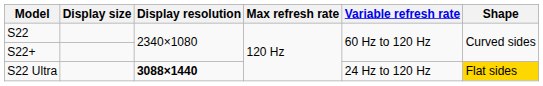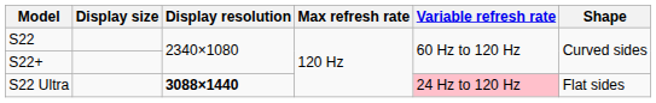 <table class="wikitable">
 <tr>
 <th>Model</th>
 <th>Display size</th>
 <th>Display resolution</th>
 <th>Max refresh rate</th>
 <th><a href='#'>Variable refresh rate</a></th>
 <th>Shape</th>
 </tr>
 <tr>
 <td>S22</td>
 <td></td>
 <td rowspan="2">2340×1080</td>
 <td rowspan="3">120 Hz</td>
 <td rowspan="2">60 Hz to 120 Hz</td>
 <td rowspan="2">Curved sides</td>
 </tr>
 <tr>
 <td>S22+</td>
 <td></td>
 </tr>
 <tr>
 <td>S22 Ultra</td>
 <td></td>
 <td><strong>3088×1440</strong></td>
-<td>24 Hz to 120 Hz</td>
-<td style="background: gold;">Flat sides</td>
+<td style="background: pink;">24 Hz to 120 Hz</td>
+<td>Flat sides</td>
 </tr>
 </table>
